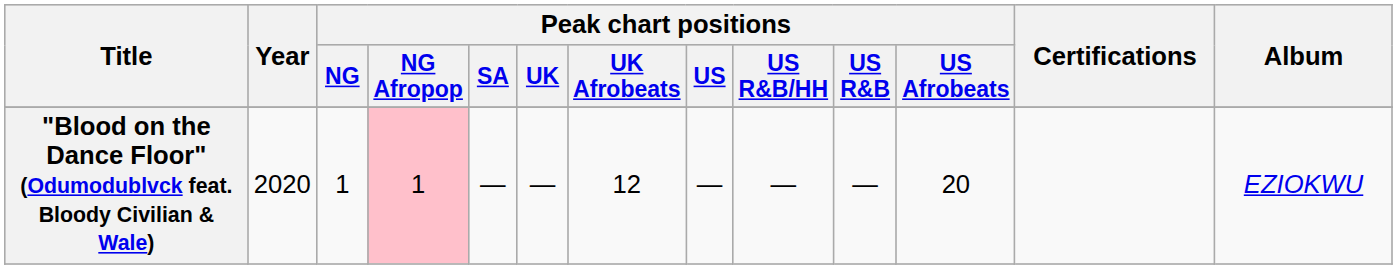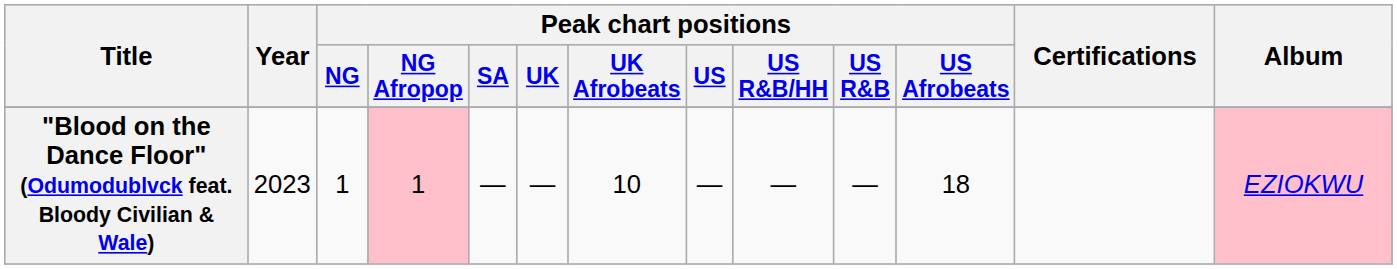 <table class="wikitable plainrowheaders" style="text-align:center;">
 <tr>
 <th scope="col" rowspan="2" style="width:22em;">Title</th>
 <th scope="col" rowspan="2" style="width:1em;">Year</th>
 <th colspan="9" scope="col">Peak chart positions</th>
 <th scope="col" rowspan="2" style="width:12em;">Certifications</th>
 <th scope="col" rowspan="2" style="width:15em;">Album</th>
 </tr>
 <tr>
 <th scope="col" style="width:3em;font-size:90%;"><a href='#'>NG</a><br></th>
 <th scope="col" style="width:3em;font-size:90%;"><a href='#'>NG<br>Afropop</a></th>
 <th scope="col" style="width:3em;font-size:90%;"><a href='#'>SA</a><br></th>
 <th scope="col" style="width:3em;font-size:90%;"><a href='#'>UK</a><br></th>
 <th scope="col" style="width:3em;font-size:90%;"><a href='#'>UK<br>Afrobeats</a></th>
 <th scope="col" style="width:2.5em;font-size:90%;"><a href='#'>US</a><br></th>
 <th scope="col" style="width:2.8em;font-size:90%;"><a href='#'>US<br>R&B/HH</a><br></th>
 <th scope="col" style="width:2.8em;font-size:90%;"><a href='#'>US<br>R&B</a><br></th>
 <th scope="col" style="width:3em;font-size:90%;"><a href='#'>US<br>Afrobeats</a></th>
 </tr>
 <tr>
 </tr>
 <tr>
 <th scope="row">"Blood on the Dance Floor"<br><small>(<a href='#'>Odumodublvck</a> feat. Bloody Civilian & <a href='#'>Wale</a>)</small></th>
-<td rowspan="1">2020</td>
+<td rowspan="1">2023</td>
 <td>1</td>
 <td style="background: pink;">1</td>
 <td>—</td>
 <td>—</td>
-<td>12</td>
+<td>10</td>
 <td>—</td>
 <td>—</td>
 <td>—</td>
-<td>20</td>
+<td>18</td>
 <td></td>
-<td><em><a href='#'>EZIOKWU</a></em></td>
+<td style="background: pink;"><em><a href='#'>EZIOKWU</a></em></td>
 </tr>
 </table>
